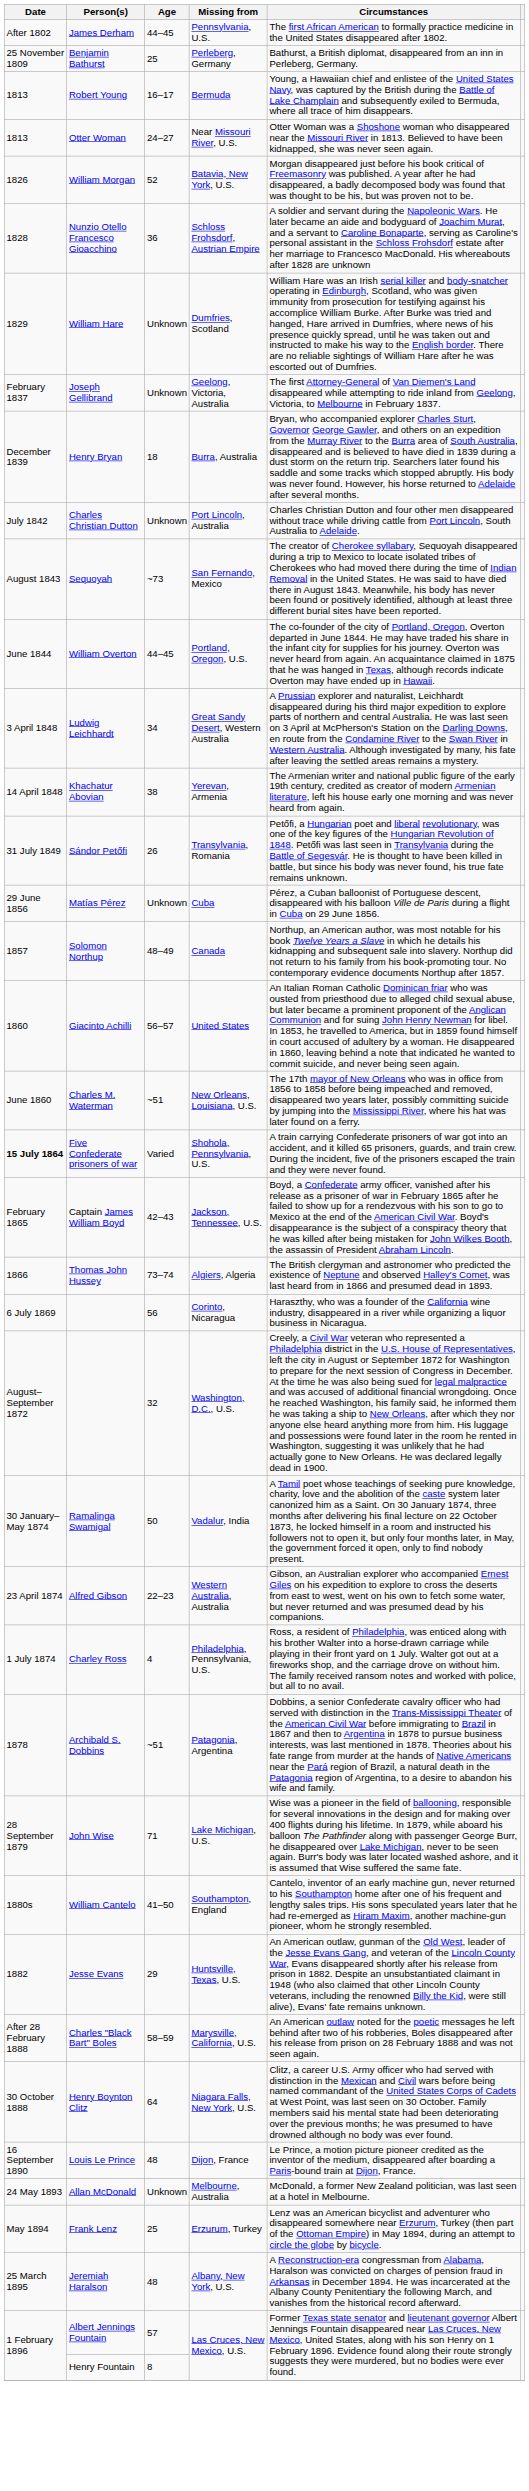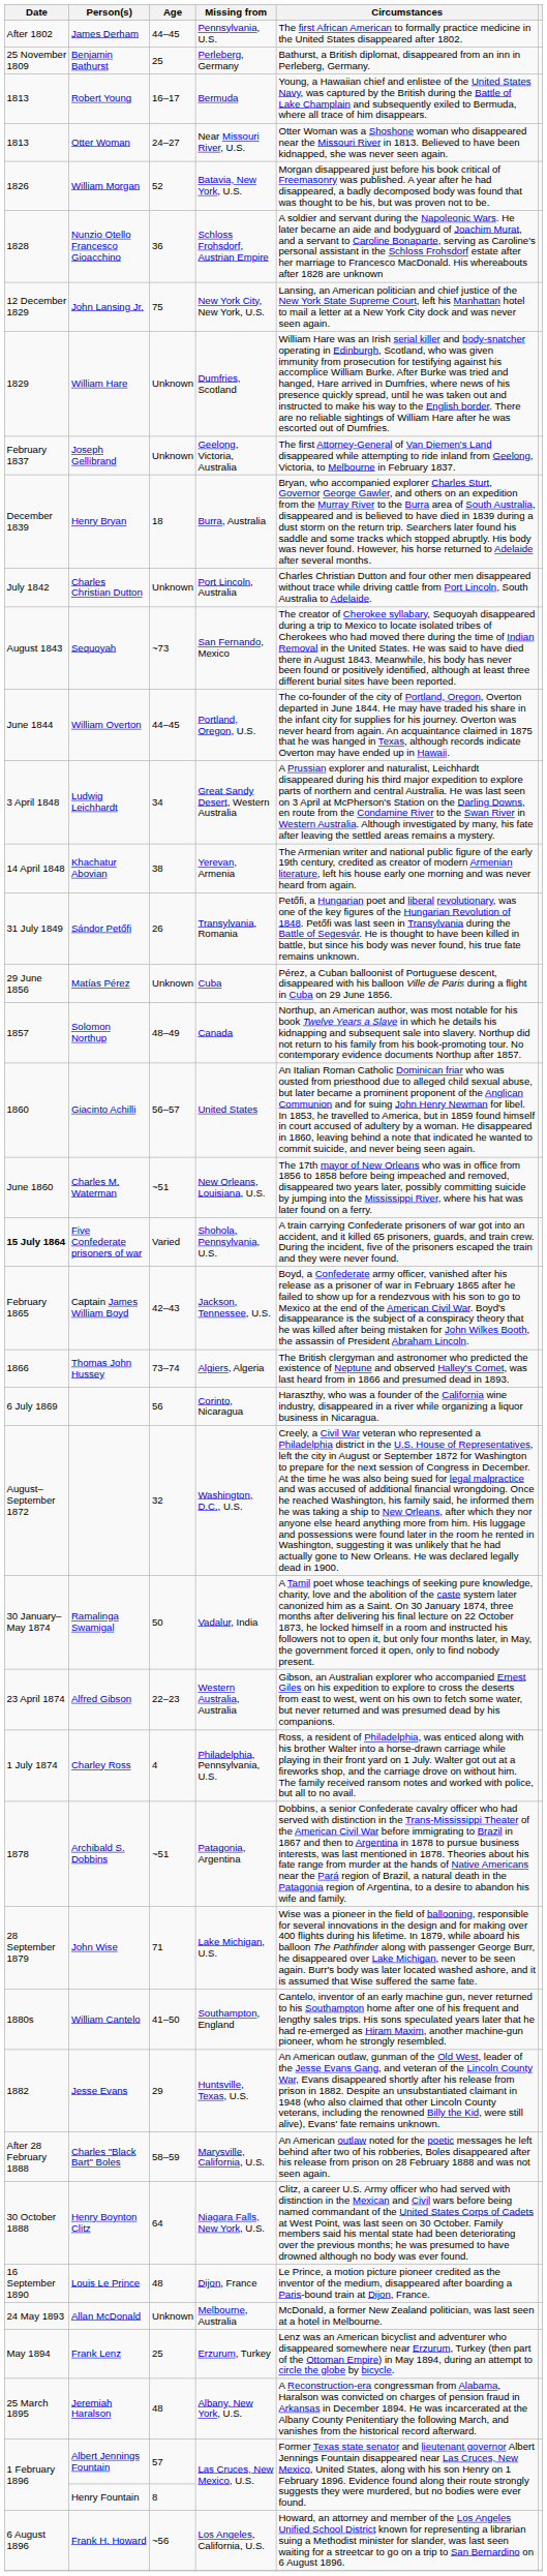 <table class="wikitable sortable zebra">
 <tr>
 <th data-sort-type="isoDate" width="12%">Date</th>
 <th data-sort-type="text" width="15%">Person(s)</th>
 <th data-sort-type="text" width="8%">Age</th>
 <th data-sort-type="text" width="15%">Missing from</th>
 <th class="unsortable">Circumstances</th>
 <th class="unsortable"></th>
 </tr>
 <tr>
 <td>After 1802</td>
 <td><a href='#'>James Derham</a></td>
 <td>44–45</td>
 <td><a href='#'>Pennsylvania</a>, U.S.</td>
 <td>The <a href='#'>first African American</a> to formally practice medicine in the United States disappeared after 1802.</td>
 <td style="text-align:center;"></td>
 </tr>
 <tr>
 <td data-sort-value="1809-11-25">25 November 1809</td>
 <td><a href='#'>Benjamin Bathurst</a></td>
 <td>25</td>
 <td><a href='#'>Perleberg</a>, Germany</td>
 <td>Bathurst, a British diplomat, disappeared from an inn in Perleberg, Germany.</td>
 <td style="text-align:center;"></td>
 </tr>
 <tr>
 <td> 1813</td>
 <td><a href='#'>Robert Young</a></td>
 <td>16–17</td>
 <td><a href='#'>Bermuda</a></td>
 <td>Young, a Hawaiian chief and enlistee of the <a href='#'>United States Navy</a>, was captured by the British during the <a href='#'>Battle of Lake Champlain</a> and subsequently exiled to Bermuda, where all trace of him disappears.</td>
 <td style="text-align:center;"></td>
 </tr>
 <tr>
 <td>1813</td>
 <td><a href='#'>Otter Woman</a></td>
 <td>24–27</td>
 <td>Near <a href='#'>Missouri River</a>, U.S.</td>
 <td>Otter Woman was a <a href='#'>Shoshone</a> woman who disappeared near the <a href='#'>Missouri River</a> in 1813. Believed to have been kidnapped, she was never seen again.</td>
 <td style="text-align:center;"></td>
 </tr>
 <tr>
 <td data-sort-value="1826-01-01"> 1826</td>
 <td><a href='#'>William Morgan</a></td>
 <td>52</td>
 <td><a href='#'>Batavia, New York</a>, U.S.</td>
 <td>Morgan disappeared just before his book critical of <a href='#'>Freemasonry</a> was published. A year after he had disappeared, a badly decomposed body was found that was thought to be his, but was proven not to be.</td>
 <td style="text-align:center;"></td>
 </tr>
 <tr>
 <td data-sort-value="1828-01-01"> 1828</td>
 <td><a href='#'>Nunzio Otello Francesco Gioacchino</a></td>
 <td> 36</td>
 <td><a href='#'>Schloss Frohsdorf</a>, <a href='#'>Austrian Empire</a></td>
 <td>A soldier and servant during the <a href='#'>Napoleonic Wars</a>. He later became an aide and bodyguard of <a href='#'>Joachim Murat</a>, and a servant to <a href='#'>Caroline Bonaparte</a>, serving as Caroline's personal assistant in the <a href='#'>Schloss Frohsdorf</a> estate after her marriage to Francesco MacDonald. His whereabouts after 1828 are unknown</td>
+<td style="text-align:center;"></td>
+</tr>
+<tr>
+<td data-sort-value="1829-12-12">12 December 1829</td>
+<td><a href='#'>John Lansing Jr.</a></td>
+<td>75</td>
+<td><a href='#'>New York City</a>, New York, U.S.</td>
+<td>Lansing, an American politician and chief justice of the <a href='#'>New York State Supreme Court</a>, left his <a href='#'>Manhattan</a> hotel to mail a letter at a New York City dock and was never seen again.</td>
 <td style="text-align:center;"></td>
 </tr>
 <tr>
 <td data-sort-value="1829-02-01">1829</td>
 <td><a href='#'>William Hare</a></td>
 <td>Unknown</td>
 <td><a href='#'>Dumfries</a>, Scotland</td>
 <td>William Hare was an Irish <a href='#'>serial killer</a> and <a href='#'>body-snatcher</a> operating in <a href='#'>Edinburgh</a>, Scotland, who was given immunity from prosecution for testifying against his accomplice William Burke. After Burke was tried and hanged, Hare arrived in Dumfries, where news of his presence quickly spread, until he was taken out and instructed to make his way to the <a href='#'>English border</a>. There are no reliable sightings of William Hare after he was escorted out of Dumfries.</td>
 <td style="text-align:center;"></td>
 </tr>
 <tr>
 <td data-sort-value="1837-02-01">February 1837</td>
 <td><a href='#'>Joseph Gellibrand</a></td>
 <td>Unknown</td>
 <td><a href='#'>Geelong</a>, Victoria, Australia</td>
 <td>The first <a href='#'>Attorney-General</a> of <a href='#'>Van Diemen's Land</a> disappeared while attempting to ride inland from <a href='#'>Geelong</a>, Victoria, to <a href='#'>Melbourne</a> in February 1837.</td>
 <td style="text-align:center;"></td>
 </tr>
 <tr>
 <td data-sort-value="1839-12-01">December 1839</td>
 <td><a href='#'>Henry Bryan</a></td>
 <td>18</td>
 <td><a href='#'>Burra</a>, Australia</td>
 <td>Bryan, who accompanied explorer <a href='#'>Charles Sturt</a>, <a href='#'>Governor</a> <a href='#'>George Gawler</a>, and others on an expedition from the <a href='#'>Murray River</a> to the <a href='#'>Burra</a> area of <a href='#'>South Australia</a>, disappeared and is believed to have died in 1839 during a dust storm on the return trip. Searchers later found his saddle and some tracks which stopped abruptly. His body was never found. However, his horse returned to <a href='#'>Adelaide</a> after several months.</td>
 <td style="text-align:center;"></td>
 </tr>
 <tr>
 <td data-sort-value="1842-01-01">July 1842</td>
 <td><a href='#'>Charles Christian Dutton</a></td>
 <td>Unknown</td>
 <td><a href='#'>Port Lincoln</a>, Australia</td>
 <td>Charles Christian Dutton and four other men disappeared without trace while driving cattle from <a href='#'>Port Lincoln</a>, South Australia to <a href='#'>Adelaide</a>.</td>
 <td style="text-align:center;"></td>
 </tr>
 <tr>
 <td data-sort-value="1843-08-01">August 1843</td>
 <td><a href='#'>Sequoyah</a></td>
 <td>~73</td>
 <td><a href='#'>San Fernando</a>, Mexico</td>
 <td>The creator of <a href='#'>Cherokee syllabary</a>, Sequoyah disappeared during a trip to Mexico to locate isolated tribes of Cherokees who had moved there during the time of <a href='#'>Indian Removal</a> in the United States. He was said to have died there in August 1843. Meanwhile, his body has never been found or positively identified, although at least three different burial sites have been reported.</td>
 <td style="text-align:center;"></td>
 </tr>
 <tr>
 <td data-sort-value="1844-06-01">June 1844</td>
 <td><a href='#'>William Overton</a></td>
 <td>44–45</td>
 <td><a href='#'>Portland, Oregon</a>, U.S.</td>
 <td>The co-founder of the city of <a href='#'>Portland, Oregon</a>, Overton departed in June 1844. He may have traded his share in the infant city for supplies for his journey. Overton was never heard from again. An acquaintance claimed in 1875 that he was hanged in <a href='#'>Texas</a>, although records indicate Overton may have ended up in <a href='#'>Hawaii</a>.</td>
 <td style="text-align:center;"></td>
 </tr>
 <tr>
 <td data-sort-value="1848-04-03">3 April 1848</td>
 <td><a href='#'>Ludwig Leichhardt</a></td>
 <td>34</td>
 <td><a href='#'>Great Sandy Desert</a>, Western Australia</td>
 <td>A <a href='#'>Prussian</a> explorer and naturalist, Leichhardt disappeared during his third major expedition to explore parts of northern and central Australia. He was last seen on 3 April at McPherson's Station on the <a href='#'>Darling Downs</a>, en route from the <a href='#'>Condamine River</a> to the <a href='#'>Swan River</a> in <a href='#'>Western Australia</a>. Although investigated by many, his fate after leaving the settled areas remains a mystery.</td>
 <td style="text-align:center;"></td>
 </tr>
 <tr>
 <td data-sort-value="1848-04-14">14 April 1848</td>
 <td><a href='#'>Khachatur Abovian</a></td>
 <td>38</td>
 <td><a href='#'>Yerevan</a>, Armenia</td>
 <td>The Armenian writer and national public figure of the early 19th century, credited as creator of modern <a href='#'>Armenian literature</a>, left his house early one morning and was never heard from again.</td>
 <td style="text-align:center;"></td>
 </tr>
 <tr>
 <td data-sort-value="1849-07-31">31 July 1849</td>
 <td><a href='#'>Sándor Petőfi</a></td>
 <td>26</td>
 <td><a href='#'>Transylvania</a>, Romania</td>
 <td>Petőfi, a <a href='#'>Hungarian</a> poet and <a href='#'>liberal</a> <a href='#'>revolutionary</a>, was one of the key figures of the <a href='#'>Hungarian Revolution of 1848</a>. Petőfi was last seen in <a href='#'>Transylvania</a> during the <a href='#'>Battle of Segesvár</a>. He is thought to have been killed in battle, but since his body was never found, his true fate remains unknown.</td>
 <td style="text-align:center;"></td>
 </tr>
 <tr>
 <td data-sort-value="1856-06-29">29 June 1856</td>
 <td><a href='#'>Matías Pérez</a></td>
 <td>Unknown</td>
 <td><a href='#'>Cuba</a></td>
 <td>Pérez, a Cuban balloonist of Portuguese descent, disappeared with his balloon <em>Ville de Paris</em> during a flight in <a href='#'>Cuba</a> on 29 June 1856.</td>
 <td style="text-align:center;"></td>
 </tr>
 <tr>
 <td data-sort-value="1857-01-01">1857</td>
 <td><a href='#'>Solomon Northup</a></td>
 <td>48–49</td>
 <td><a href='#'>Canada</a></td>
 <td>Northup, an American author, was most notable for his book <em><a href='#'>Twelve Years a Slave</a></em> in which he details his kidnapping and subsequent sale into slavery. Northup did not return to his family from his book-promoting tour. No contemporary evidence documents Northup after 1857.</td>
 <td style="text-align:center;"></td>
 </tr>
 <tr>
 <td>1860</td>
 <td><a href='#'>Giacinto Achilli</a></td>
 <td>56–57</td>
 <td><a href='#'>United States</a></td>
 <td>An Italian Roman Catholic <a href='#'>Dominican friar</a> who was ousted from priesthood due to alleged child sexual abuse, but later became a prominent proponent of the <a href='#'>Anglican Communion</a> and for suing <a href='#'>John Henry Newman</a> for libel. In 1853, he travelled to America, but in 1859 found himself in court accused of adultery by a woman. He disappeared in 1860, leaving behind a note that indicated he wanted to commit suicide, and never being seen again.</td>
 <td style="text-align:center;"></td>
 </tr>
 <tr>
 <td>June 1860</td>
 <td><a href='#'>Charles M. Waterman</a></td>
 <td>~51</td>
 <td><a href='#'>New Orleans</a>, <a href='#'>Louisiana</a>, U.S.</td>
 <td>The 17th <a href='#'>mayor of New Orleans</a> who was in office from 1856 to 1858 before being impeached and removed, disappeared two years later, possibly committing suicide by jumping into the <a href='#'>Mississippi River</a>, where his hat was later found on a ferry.</td>
 <td style="text-align:center;"></td>
 </tr>
 <tr>
 <td><strong>15 July 1864</strong></td>
 <td><a href='#'>Five Confederate prisoners of war</a></td>
 <td>Varied</td>
 <td><a href='#'>Shohola, Pennsylvania</a>, U.S.</td>
 <td>A train carrying Confederate prisoners of war got into an accident, and it killed 65 prisoners, guards, and train crew. During the incident, five of the prisoners escaped the train and they were never found.</td>
 <td style="text-align:center;"></td>
 </tr>
 <tr>
 <td data-sort-value="1865-02-01">February 1865</td>
 <td>Captain <a href='#'>James William Boyd</a></td>
 <td>42–43</td>
 <td><a href='#'>Jackson, Tennessee</a>, U.S.</td>
 <td>Boyd, a <a href='#'>Confederate</a> army officer, vanished after his release as a prisoner of war in February 1865 after he failed to show up for a rendezvous with his son to go to Mexico at the end of the <a href='#'>American Civil War</a>. Boyd's disappearance is the subject of a conspiracy theory that he was killed after being mistaken for <a href='#'>John Wilkes Booth</a>, the assassin of President <a href='#'>Abraham Lincoln</a>.</td>
 <td style="text-align:center;"></td>
 </tr>
 <tr>
 <td data-sort-value="1866-01-01">1866</td>
 <td><a href='#'>Thomas John Hussey</a></td>
 <td>73–74</td>
 <td><a href='#'>Algiers</a>, Algeria</td>
 <td>The British clergyman and astronomer who predicted the existence of <a href='#'>Neptune</a> and observed <a href='#'>Halley's Comet</a>, was last heard from in 1866 and presumed dead in 1893.</td>
 <td style="text-align:center;"></td>
 </tr>
 <tr>
 <td data-sort-value="1869-07-06">6 July 1869</td>
 <td></td>
 <td>56</td>
 <td><a href='#'>Corinto</a>, Nicaragua</td>
 <td>Haraszthy, who was a founder of the <a href='#'>California</a> wine industry, disappeared in a river while organizing a liquor business in Nicaragua.</td>
 <td style="text-align:center;"></td>
 </tr>
 <tr>
 <td data-sort-value="1872-08-01">August–September 1872</td>
 <td></td>
 <td>32</td>
 <td><a href='#'>Washington, D.C.</a>, U.S.</td>
 <td>Creely, a <a href='#'>Civil War</a> veteran who represented a <a href='#'>Philadelphia</a> district in the <a href='#'>U.S. House of Representatives</a>, left the city in August or September 1872 for Washington to prepare for the next session of Congress in December. At the time he was also being sued for <a href='#'>legal malpractice</a> and was accused of additional financial wrongdoing. Once he reached Washington, his family said, he informed them he was taking a ship to <a href='#'>New Orleans</a>, after which they nor anyone else heard anything more from him. His luggage and possessions were found later in the room he rented in Washington, suggesting it was unlikely that he had actually gone to New Orleans. He was declared legally dead in 1900.</td>
 <td style="text-align:center;"></td>
 </tr>
 <tr>
 <td data-sort-value="1874-01-30">30 January–May 1874</td>
 <td><a href='#'>Ramalinga Swamigal</a></td>
 <td>50</td>
 <td><a href='#'>Vadalur</a>, India</td>
 <td>A <a href='#'>Tamil</a> poet whose teachings of seeking pure knowledge, charity, love and the abolition of the <a href='#'>caste</a> system later canonized him as a Saint. On 30 January 1874, three months after delivering his final lecture on 22 October 1873, he locked himself in a room and instructed his followers not to open it, but only four months later, in May, the government forced it open, only to find nobody present.</td>
 <td style="text-align:center;"></td>
 </tr>
 <tr>
 <td>23 April 1874</td>
 <td><a href='#'>Alfred Gibson</a></td>
 <td>22–23</td>
 <td><a href='#'>Western Australia</a>, Australia</td>
 <td>Gibson, an Australian explorer who accompanied <a href='#'>Ernest Giles</a> on his expedition to explore to cross the deserts from east to west, went on his own to fetch some water, but never returned and was presumed dead by his companions.</td>
 <td style="text-align:center;"></td>
 </tr>
 <tr>
 <td data-sort-value="1874-07-01">1 July 1874</td>
 <td><a href='#'>Charley Ross</a></td>
 <td>4</td>
 <td><a href='#'>Philadelphia</a>, Pennsylvania, U.S.</td>
 <td>Ross, a resident of <a href='#'>Philadelphia</a>, was enticed along with his brother Walter into a horse-drawn carriage while playing in their front yard on 1 July. Walter got out at a fireworks shop, and the carriage drove on without him. The family received ransom notes and worked with police, but all to no avail.</td>
 <td style="text-align:center;"></td>
 </tr>
 <tr>
 <td data-sort-value-"1878-06-01"> 1878</td>
 <td><a href='#'>Archibald S. Dobbins</a></td>
 <td>~51</td>
 <td><a href='#'>Patagonia</a>, Argentina</td>
 <td>Dobbins, a senior Confederate cavalry officer who had served with distinction in the <a href='#'>Trans-Mississippi Theater</a> of the <a href='#'>American Civil War</a> before immigrating to <a href='#'>Brazil</a> in 1867 and then to <a href='#'>Argentina</a> in 1878 to pursue business interests, was last mentioned in 1878. Theories about his fate range from murder at the hands of <a href='#'>Native Americans</a> near the <a href='#'>Pará</a> region of Brazil, a natural death in the <a href='#'>Patagonia</a> region of Argentina, to a desire to abandon his wife and family.</td>
 <td style="text-align:center;"></td>
 </tr>
 <tr>
 <td data-sort-value="1879-09-28">28 September 1879</td>
 <td><a href='#'>John Wise</a></td>
 <td>71</td>
 <td><a href='#'>Lake Michigan</a>, U.S.</td>
 <td>Wise was a pioneer in the field of <a href='#'>ballooning</a>, responsible for several innovations in the design and for making over 400 flights during his lifetime. In 1879, while aboard his balloon <em>The Pathfinder</em> along with passenger George Burr, he disappeared over <a href='#'>Lake Michigan</a>, never to be seen again. Burr's body was later located washed ashore, and it is assumed that Wise suffered the same fate.</td>
 <td style="text-align:center;"></td>
 </tr>
 <tr>
 <td data-sort-value="1880-01-01">1880s</td>
 <td><a href='#'>William Cantelo</a></td>
 <td>41–50</td>
 <td><a href='#'>Southampton</a>, England</td>
 <td>Cantelo, inventor of an early machine gun, never returned to his <a href='#'>Southampton</a> home after one of his frequent and lengthy sales trips. His sons speculated years later that he had re-emerged as <a href='#'>Hiram Maxim</a>, another machine-gun pioneer, whom he strongly resembled.</td>
 <td style="text-align:center;"></td>
 </tr>
 <tr>
 <td data-sort-value="1882-01-01">1882</td>
 <td><a href='#'>Jesse Evans</a></td>
 <td>29</td>
 <td><a href='#'>Huntsville, Texas</a>, U.S.</td>
 <td>An American outlaw, gunman of the <a href='#'>Old West</a>, leader of the <a href='#'>Jesse Evans Gang</a>, and veteran of the <a href='#'>Lincoln County War</a>, Evans disappeared shortly after his release from prison in 1882. Despite an unsubstantiated claimant in 1948 (who also claimed that other Lincoln County veterans, including the renowned <a href='#'>Billy the Kid</a>, were still alive), Evans' fate remains unknown.</td>
 <td style="text-align:center;"></td>
 </tr>
 <tr>
 <td data-sort-value="1888-03-01">After 28 February 1888</td>
 <td><a href='#'>Charles "Black Bart" Boles</a></td>
 <td>58–59</td>
 <td><a href='#'>Marysville, California</a>, U.S.</td>
 <td>An American <a href='#'>outlaw</a> noted for the <a href='#'>poetic</a> messages he left behind after two of his robberies, Boles disappeared after his release from prison on 28 February 1888 and was not seen again.</td>
 <td style="text-align:center;"></td>
 </tr>
 <tr>
 <td data-sort-value-"1888-10-30">30 October 1888</td>
 <td><a href='#'>Henry Boynton Clitz</a></td>
 <td>64</td>
 <td><a href='#'>Niagara Falls, New York</a>, U.S.</td>
 <td>Clitz, a career U.S. Army officer who had served with distinction in the <a href='#'>Mexican</a> and <a href='#'>Civil</a> wars before being named commandant of the <a href='#'>United States Corps of Cadets</a> at West Point, was last seen on 30 October. Family members said his mental state had been deteriorating over the previous months; he was presumed to have drowned although no body was ever found.</td>
 <td style="text-align:center;"></td>
 </tr>
 <tr>
 <td data-sort-value="1890-09-16">16 September 1890</td>
 <td><a href='#'>Louis Le Prince</a></td>
 <td>48</td>
 <td><a href='#'>Dijon</a>, France</td>
 <td>Le Prince, a motion picture pioneer credited as the inventor of the medium, disappeared after boarding a <a href='#'>Paris</a>-bound train at <a href='#'>Dijon</a>, France.</td>
 <td style="text-align:center;"></td>
 </tr>
 <tr>
 <td data-sort-value="1893-05-24">24 May 1893</td>
 <td><a href='#'>Allan McDonald</a></td>
 <td>Unknown</td>
 <td><a href='#'>Melbourne</a>, Australia</td>
 <td>McDonald, a former New Zealand politician, was last seen at a hotel in Melbourne.</td>
 <td style="text-align:center;"></td>
 </tr>
 <tr>
 <td data-sort-value="1894-05-01">May 1894</td>
 <td><a href='#'>Frank Lenz</a></td>
 <td>25</td>
 <td><a href='#'>Erzurum</a>, Turkey</td>
 <td>Lenz was an American bicyclist and adventurer who disappeared somewhere near <a href='#'>Erzurum</a>, Turkey (then part of the <a href='#'>Ottoman Empire</a>) in May 1894, during an attempt to <a href='#'>circle the globe</a> by <a href='#'>bicycle</a>.</td>
 <td style="text-align:center;"></td>
 </tr>
 <tr 0>
 <td data-sort-value="1895-03-25">25 March 1895</td>
 <td><a href='#'>Jeremiah Haralson</a></td>
 <td>48</td>
 <td><a href='#'>Albany, New York</a>, U.S.</td>
 <td>A <a href='#'>Reconstruction-era</a> congressman from <a href='#'>Alabama</a>, Haralson was convicted on charges of pension fraud in <a href='#'>Arkansas</a> in December 1894. He was incarcerated at the Albany County Penitentiary the following March, and vanishes from the historical record afterward.</td>
 <td style="text-align:center;"></td>
 </tr>
 <tr>
 <td data-sort-value="1896-02-01" rowspan="2">1 February 1896</td>
 <td><a href='#'>Albert Jennings Fountain</a></td>
 <td>57</td>
 <td rowspan="2"><a href='#'>Las Cruces, New Mexico</a>, U.S.</td>
 <td rowspan="2">Former <a href='#'>Texas state senator</a> and <a href='#'>lieutenant governor</a> Albert Jennings Fountain disappeared near <a href='#'>Las Cruces, New Mexico</a>, United States, along with his son Henry on 1 February 1896. Evidence found along their route strongly suggests they were murdered, but no bodies were ever found.</td>
 <td style="text-align:center;" rowspan="2"></td>
 </tr>
 <tr>
 <td>Henry Fountain</td>
 <td>8</td>
 </tr>
 <tr>
+<td data-sort-value="1896-08-06">6 August 1896</td>
+<td><a href='#'>Frank H. Howard</a></td>
+<td>~56</td>
+<td><a href='#'>Los Angeles</a>, California, U.S.</td>
+<td>Howard, an attorney and member of the <a href='#'>Los Angeles Unified School District</a> known for representing a librarian suing a Methodist minister for slander, was last seen waiting for a streetcar to go on a trip to <a href='#'>San Bernardino</a> on 6 August 1896.</td>
+<td style="text-align:center;"></td>
+</tr>
+<tr>
 </tr>
 </table>
